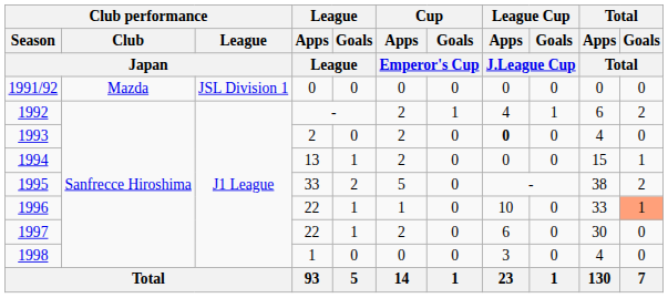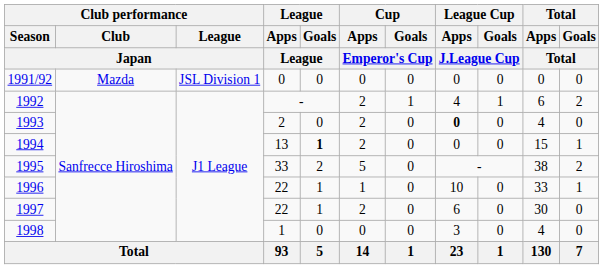 <table class="wikitable" style="text-align:center;">
 <tr>
 <th colspan=3>Club performance</th>
 <th colspan=2>League</th>
 <th colspan=2>Cup</th>
 <th colspan=2>League Cup</th>
 <th colspan=2>Total</th>
 </tr>
 <tr>
 <th>Season</th>
 <th>Club</th>
 <th>League</th>
 <th>Apps</th>
 <th>Goals</th>
 <th>Apps</th>
 <th>Goals</th>
 <th>Apps</th>
 <th>Goals</th>
 <th>Apps</th>
 <th>Goals</th>
 </tr>
 <tr>
 <th colspan=3>Japan</th>
 <th colspan=2>League</th>
 <th colspan=2><a href='#'>Emperor's Cup</a></th>
 <th colspan=2><a href='#'>J.League Cup</a></th>
 <th colspan=2>Total</th>
 </tr>
 <tr>
 <td><a href='#'>1991/92</a></td>
 <td><a href='#'>Mazda</a></td>
 <td><a href='#'>JSL Division 1</a></td>
 <td>0</td>
 <td>0</td>
 <td>0</td>
 <td>0</td>
 <td>0</td>
 <td>0</td>
 <td>0</td>
 <td>0</td>
 </tr>
 <tr>
 <td><a href='#'>1992</a></td>
 <td rowspan="7"><a href='#'>Sanfrecce Hiroshima</a></td>
 <td rowspan="7"><a href='#'>J1 League</a></td>
 <td colspan="2">-</td>
 <td>2</td>
 <td>1</td>
 <td>4</td>
 <td>1</td>
 <td>6</td>
 <td>2</td>
 </tr>
 <tr>
 <td><a href='#'>1993</a></td>
 <td>2</td>
 <td>0</td>
 <td>2</td>
 <td>0</td>
 <td><strong>0</strong></td>
 <td>0</td>
 <td>4</td>
 <td>0</td>
 </tr>
 <tr>
 <td><a href='#'>1994</a></td>
 <td>13</td>
-<td>1</td>
+<td><strong>1</strong></td>
 <td>2</td>
 <td>0</td>
 <td>0</td>
 <td>0</td>
 <td>15</td>
 <td>1</td>
 </tr>
 <tr>
 <td><a href='#'>1995</a></td>
 <td>33</td>
 <td>2</td>
 <td>5</td>
 <td>0</td>
 <td colspan="2">-</td>
 <td>38</td>
 <td>2</td>
 </tr>
 <tr>
 <td><a href='#'>1996</a></td>
 <td>22</td>
 <td>1</td>
 <td>1</td>
 <td>0</td>
 <td>10</td>
 <td>0</td>
 <td>33</td>
-<td style="background: lightsalmon;">1</td>
+<td>1</td>
 </tr>
 <tr>
 <td><a href='#'>1997</a></td>
 <td>22</td>
 <td>1</td>
 <td>2</td>
 <td>0</td>
 <td>6</td>
 <td>0</td>
 <td>30</td>
 <td>0</td>
 </tr>
 <tr>
 <td><a href='#'>1998</a></td>
 <td>1</td>
 <td>0</td>
 <td>0</td>
 <td>0</td>
 <td>3</td>
 <td>0</td>
 <td>4</td>
 <td>0</td>
 </tr>
 <tr>
 <th colspan=3>Total</th>
 <th>93</th>
 <th>5</th>
 <th>14</th>
 <th>1</th>
 <th>23</th>
 <th>1</th>
 <th>130</th>
 <th>7</th>
 </tr>
 </table>
